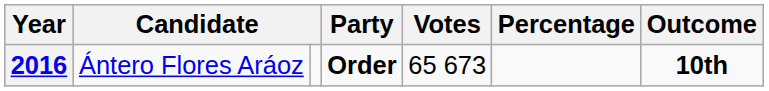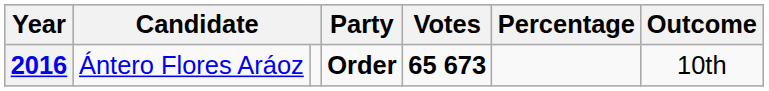 <table class="wikitable" style="text-align:center">
 <tr>
 <th>Year</th>
 <th colspan="2">Candidate</th>
 <th>Party</th>
 <th>Votes</th>
 <th>Percentage</th>
 <th>Outcome</th>
 </tr>
 <tr>
 <th><strong><a href='#'>2016</a></strong></th>
 <td><a href='#'>Ántero Flores Aráoz</a></td>
 <td></td>
 <td><strong>Order</strong></td>
-<td>65 673</td>
+<td><strong>65 673</strong></td>
 <td></td>
-<td><strong>10th</strong></td>
+<td>10th</td>
 </tr>
 </table>
